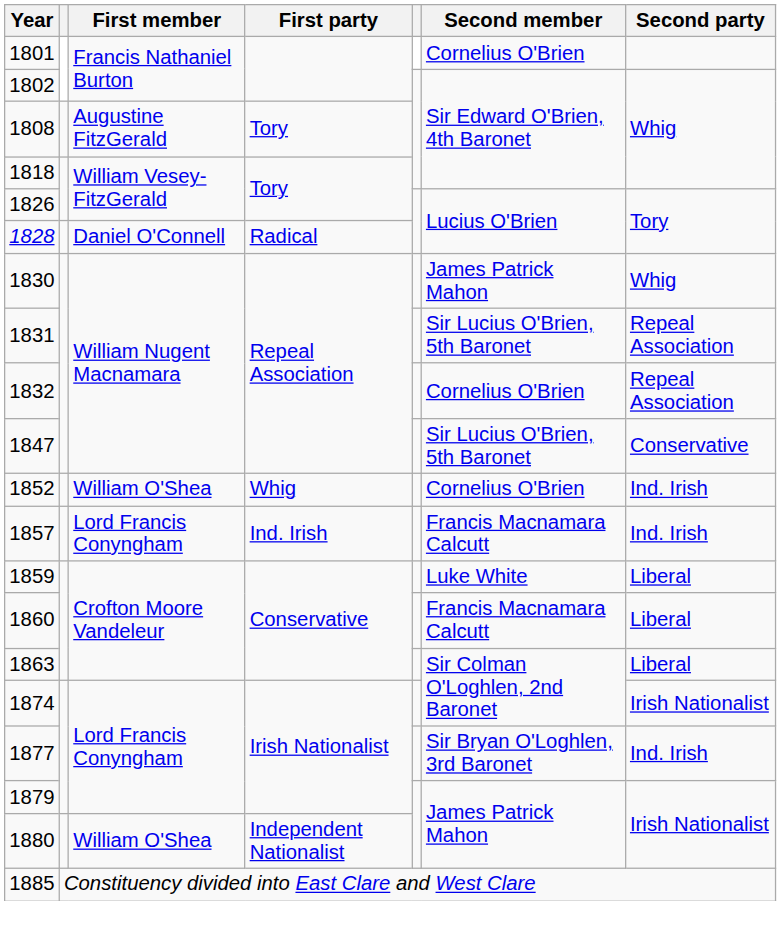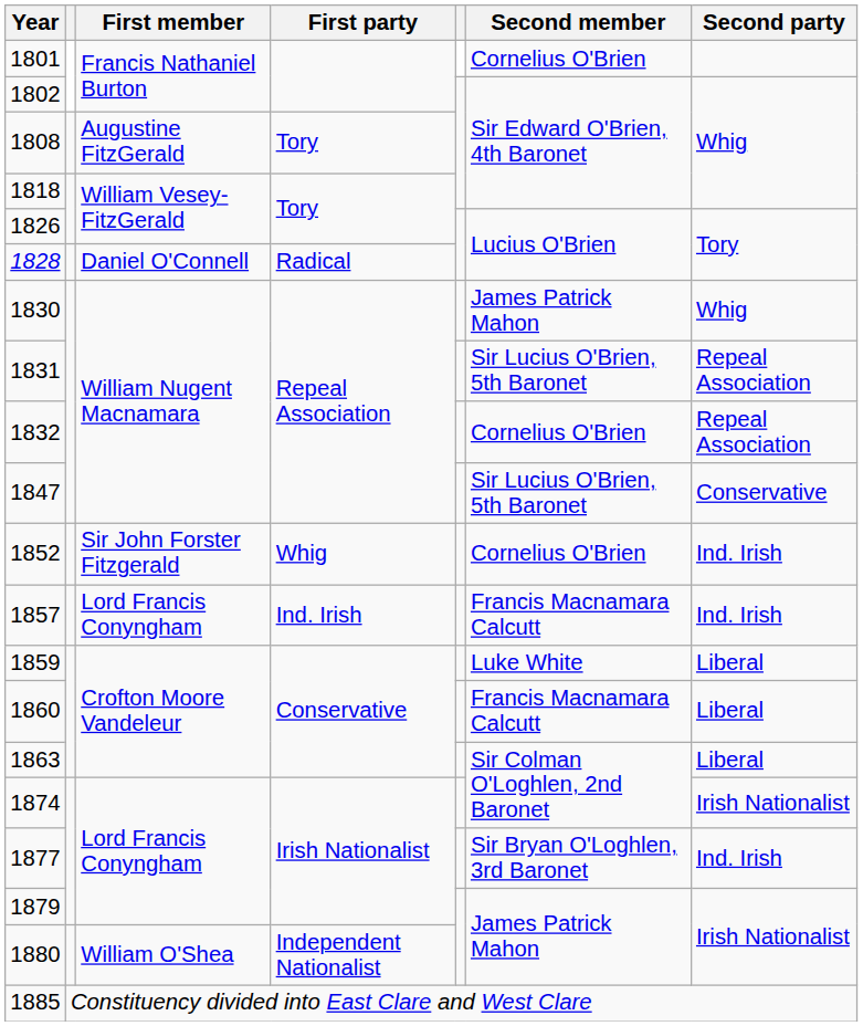 <table class="wikitable">
 <tr>
 <th>Year</th>
 <th></th>
 <th>First member</th>
 <th>First party</th>
 <th></th>
 <th>Second member</th>
 <th>Second party</th>
 </tr>
 <tr>
 <td>1801</td>
 <td rowspan="2" style="color:inherit;background-color: white"></td>
 <td rowspan="2"><a href='#'>Francis Nathaniel Burton</a></td>
 <td rowspan="2"></td>
 <td style="color:inherit;background-color: white"></td>
 <td><a href='#'>Cornelius O'Brien</a></td>
 <td></td>
 </tr>
 <tr>
 <td>1802</td>
 <td rowspan="3" style="color:inherit;background-color: "></td>
 <td rowspan="3"><a href='#'>Sir Edward O'Brien, 4th Baronet</a></td>
 <td rowspan="3"><a href='#'>Whig</a></td>
 </tr>
 <tr>
 <td>1808</td>
 <td style="color:inherit;background-color: "></td>
 <td><a href='#'>Augustine FitzGerald</a></td>
 <td><a href='#'>Tory</a></td>
 </tr>
 <tr>
 <td>1818</td>
 <td rowspan="2" style="color:inherit;background-color: "></td>
 <td rowspan="2"><a href='#'>William Vesey-FitzGerald</a></td>
 <td rowspan="2"><a href='#'>Tory</a></td>
 </tr>
 <tr>
 <td>1826</td>
 <td rowspan="2" style="color:inherit;background-color: "></td>
 <td rowspan="2"><a href='#'>Lucius O'Brien</a></td>
 <td rowspan="2"><a href='#'>Tory</a></td>
 </tr>
 <tr>
 <td><em><a href='#'>1828</a></em></td>
 <td style="color:inherit;background-color: "></td>
 <td><a href='#'>Daniel O'Connell</a></td>
 <td><a href='#'>Radical</a></td>
 </tr>
 <tr>
 <td>1830</td>
 <td rowspan="4" style="color:inherit;background-color: "></td>
 <td rowspan="4"><a href='#'>William Nugent Macnamara</a></td>
 <td rowspan="4"><a href='#'>Repeal Association</a></td>
 <td style="color:inherit;background-color: "></td>
 <td><a href='#'>James Patrick Mahon</a></td>
 <td><a href='#'>Whig</a></td>
 </tr>
 <tr>
 <td>1831</td>
 <td style="color:inherit;background-color: "></td>
 <td><a href='#'>Sir Lucius O'Brien, 5th Baronet</a></td>
 <td><a href='#'>Repeal Association</a></td>
 </tr>
 <tr>
 <td>1832</td>
 <td style="color:inherit;background-color: "></td>
 <td><a href='#'>Cornelius O'Brien</a></td>
 <td><a href='#'>Repeal Association</a></td>
 </tr>
 <tr>
 <td>1847</td>
 <td style="color:inherit;background-color: "></td>
 <td><a href='#'>Sir Lucius O'Brien, 5th Baronet</a></td>
 <td><a href='#'>Conservative</a></td>
 </tr>
 <tr>
 <td>1852</td>
 <td style="color:inherit;background-color: "></td>
-<td><a href='#'>William O'Shea</a></td>
+<td><a href='#'>Sir John Forster Fitzgerald</a></td>
 <td><a href='#'>Whig</a></td>
 <td style="color:inherit;background-color: "></td>
 <td><a href='#'>Cornelius O'Brien</a></td>
 <td><a href='#'>Ind. Irish</a></td>
 </tr>
 <tr>
 <td>1857</td>
 <td style="color:inherit;background-color: "></td>
 <td><a href='#'>Lord Francis Conyngham</a></td>
 <td><a href='#'>Ind. Irish</a></td>
 <td style="color:inherit;background-color: "></td>
 <td><a href='#'>Francis Macnamara Calcutt</a></td>
 <td><a href='#'>Ind. Irish</a></td>
 </tr>
 <tr>
 <td>1859</td>
 <td rowspan="3" style="color:inherit;background-color: "></td>
 <td rowspan="3"><a href='#'>Crofton Moore Vandeleur</a></td>
 <td rowspan="3"><a href='#'>Conservative</a></td>
 <td style="color:inherit;background-color: "></td>
 <td><a href='#'>Luke White</a></td>
 <td><a href='#'>Liberal</a></td>
 </tr>
 <tr>
 <td>1860</td>
 <td style="color:inherit;background-color: "></td>
 <td><a href='#'>Francis Macnamara Calcutt</a></td>
 <td><a href='#'>Liberal</a></td>
 </tr>
 <tr>
 <td>1863</td>
 <td rowspan="1" style="color:inherit;background-color: "></td>
 <td rowspan="2"><a href='#'>Sir Colman O'Loghlen, 2nd Baronet</a></td>
 <td rowspan="1"><a href='#'>Liberal</a></td>
 </tr>
 <tr>
 <td>1874</td>
 <td rowspan="3" style="color:inherit;background-color: "></td>
 <td rowspan="3"><a href='#'>Lord Francis Conyngham</a></td>
 <td rowspan="3"><a href='#'>Irish Nationalist</a></td>
 <td rowspan="1" style="color:inherit;background-color: "></td>
 <td rowspan="1"><a href='#'>Irish Nationalist</a></td>
 </tr>
 <tr>
 <td>1877</td>
 <td style="color:inherit;background-color: "></td>
 <td><a href='#'>Sir Bryan O'Loghlen, 3rd Baronet</a></td>
 <td><a href='#'>Ind. Irish</a></td>
 </tr>
 <tr>
 <td>1879</td>
 <td rowspan="2" style="color:inherit;background-color: "></td>
 <td rowspan="2"><a href='#'>James Patrick Mahon</a></td>
 <td rowspan="2"><a href='#'>Irish Nationalist</a></td>
 </tr>
 <tr>
 <td>1880</td>
 <td style="color:inherit;background-color: "></td>
 <td><a href='#'>William O'Shea</a></td>
 <td><a href='#'>Independent Nationalist</a></td>
 </tr>
 <tr>
 <td>1885</td>
 <td colspan=6><em>Constituency divided into <a href='#'>East Clare</a> and <a href='#'>West Clare</a></em></td>
 </tr>
 </table>
